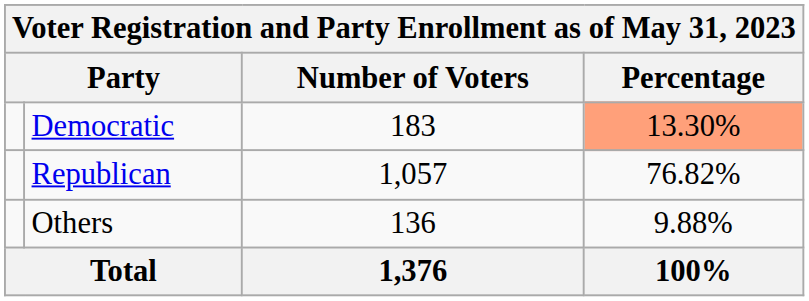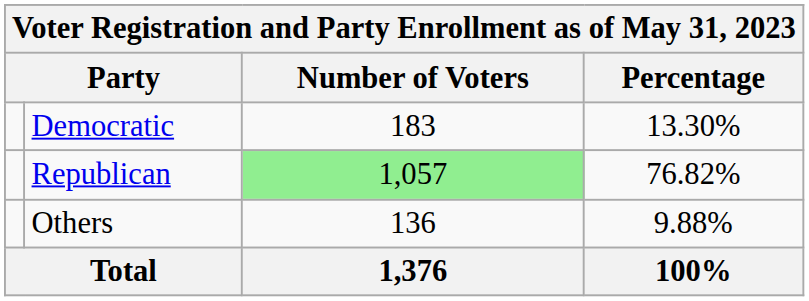 <table class=wikitable>
 <tr>
 <th colspan = 6>Voter Registration and Party Enrollment as of May 31, 2023</th>
 </tr>
 <tr>
 <th colspan = 2>Party</th>
 <th>Number of Voters</th>
 <th>Percentage</th>
 </tr>
 <tr>
 <td></td>
 <td><a href='#'>Democratic</a></td>
 <td style="text-align:center;">183</td>
-<td style="background: lightsalmon; text-align:center;">13.30%</td>
+<td style="text-align:center;">13.30%</td>
 </tr>
 <tr>
 <td></td>
 <td><a href='#'>Republican</a></td>
-<td style="text-align:center;">1,057</td>
+<td style="background: lightgreen; text-align:center;">1,057</td>
 <td style="text-align:center;">76.82%</td>
 </tr>
 <tr>
 <td></td>
 <td>Others</td>
 <td style="text-align:center;">136</td>
 <td style="text-align:center;">9.88%</td>
 </tr>
 <tr>
 <th colspan = 2>Total</th>
 <th style="text-align:center;">1,376</th>
 <th style="text-align:center;">100%</th>
 </tr>
 </table>
